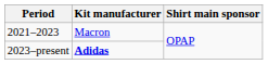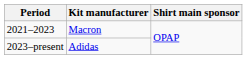 <table class="wikitable">
 <tr>
 <th>Period</th>
 <th>Kit manufacturer</th>
 <th>Shirt main sponsor</th>
 </tr>
 <tr>
 <td>2021–2023</td>
 <td><a href='#'>Macron</a></td>
 <td rowspan=5><a href='#'>OPAP</a></td>
 </tr>
 <tr>
 <td>2023–present</td>
-<td><strong><a href='#'>Adidas</a></strong></td>
+<td><a href='#'>Adidas</a></td>
 </tr>
 </table>
